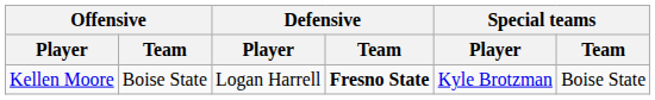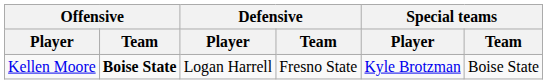 <table class="wikitable">
 <tr>
 <th colspan="2">Offensive</th>
 <th colspan="2">Defensive</th>
 <th colspan="2">Special teams</th>
 </tr>
 <tr>
 <th>Player</th>
 <th>Team</th>
 <th>Player</th>
 <th>Team</th>
 <th>Player</th>
 <th>Team</th>
 </tr>
 <tr>
 <td><a href='#'>Kellen Moore</a></td>
-<td>Boise State</td>
+<td><strong>Boise State</strong></td>
 <td>Logan Harrell</td>
-<td><strong>Fresno State</strong></td>
+<td>Fresno State</td>
 <td><a href='#'>Kyle Brotzman</a></td>
 <td>Boise State</td>
 </tr>
 </table>
